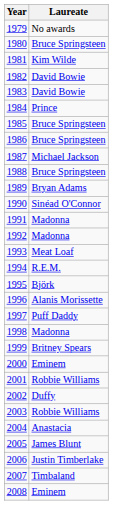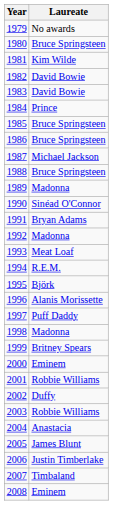 <table class="wikitable">
 <tr>
 <th>Year</th>
 <th>Laureate</th>
 </tr>
 <tr>
 <td><a href='#'>1979</a></td>
 <td>No awards</td>
 </tr>
 <tr>
 <td><a href='#'>1980</a></td>
 <td><a href='#'>Bruce Springsteen</a></td>
 </tr>
 <tr>
 <td><a href='#'>1981</a></td>
 <td><a href='#'>Kim Wilde</a></td>
 </tr>
 <tr>
 <td><a href='#'>1982</a></td>
 <td><a href='#'>David Bowie</a></td>
 </tr>
 <tr>
 <td><a href='#'>1983</a></td>
 <td><a href='#'>David Bowie</a></td>
 </tr>
 <tr>
 <td><a href='#'>1984</a></td>
 <td><a href='#'>Prince</a></td>
 </tr>
 <tr>
 <td><a href='#'>1985</a></td>
 <td><a href='#'>Bruce Springsteen</a></td>
 </tr>
 <tr>
 <td><a href='#'>1986</a></td>
 <td><a href='#'>Bruce Springsteen</a></td>
 </tr>
 <tr>
 <td><a href='#'>1987</a></td>
 <td><a href='#'>Michael Jackson</a></td>
 </tr>
 <tr>
 <td><a href='#'>1988</a></td>
 <td><a href='#'>Bruce Springsteen</a></td>
 </tr>
 <tr>
 <td><a href='#'>1989</a></td>
-<td><a href='#'>Bryan Adams</a></td>
+<td><a href='#'>Madonna</a></td>
 </tr>
 <tr>
 <td><a href='#'>1990</a></td>
 <td><a href='#'>Sinéad O'Connor</a></td>
 </tr>
 <tr>
 <td><a href='#'>1991</a></td>
-<td><a href='#'>Madonna</a></td>
+<td><a href='#'>Bryan Adams</a></td>
 </tr>
 <tr>
 <td><a href='#'>1992</a></td>
 <td><a href='#'>Madonna</a></td>
 </tr>
 <tr>
 <td><a href='#'>1993</a></td>
 <td><a href='#'>Meat Loaf</a></td>
 </tr>
 <tr>
 <td><a href='#'>1994</a></td>
 <td><a href='#'>R.E.M.</a></td>
 </tr>
 <tr>
 <td><a href='#'>1995</a></td>
 <td><a href='#'>Björk</a></td>
 </tr>
 <tr>
 <td><a href='#'>1996</a></td>
 <td><a href='#'>Alanis Morissette</a></td>
 </tr>
 <tr>
 <td><a href='#'>1997</a></td>
 <td><a href='#'>Puff Daddy</a></td>
 </tr>
 <tr>
 <td><a href='#'>1998</a></td>
 <td><a href='#'>Madonna</a></td>
 </tr>
 <tr>
 <td><a href='#'>1999</a></td>
 <td><a href='#'>Britney Spears</a></td>
 </tr>
 <tr>
 <td><a href='#'>2000</a></td>
 <td><a href='#'>Eminem</a></td>
 </tr>
 <tr>
 <td><a href='#'>2001</a></td>
 <td><a href='#'>Robbie Williams</a></td>
 </tr>
 <tr>
 <td><a href='#'>2002</a></td>
 <td><a href='#'>Duffy</a></td>
 </tr>
 <tr>
 <td><a href='#'>2003</a></td>
 <td><a href='#'>Robbie Williams</a></td>
 </tr>
 <tr>
 <td><a href='#'>2004</a></td>
 <td><a href='#'>Anastacia</a></td>
 </tr>
 <tr>
 <td><a href='#'>2005</a></td>
 <td><a href='#'>James Blunt</a></td>
 </tr>
 <tr>
 <td><a href='#'>2006</a></td>
 <td><a href='#'>Justin Timberlake</a></td>
 </tr>
 <tr>
 <td><a href='#'>2007</a></td>
 <td><a href='#'>Timbaland</a></td>
 </tr>
 <tr>
 <td><a href='#'>2008</a></td>
 <td><a href='#'>Eminem</a></td>
 </tr>
 </table>
